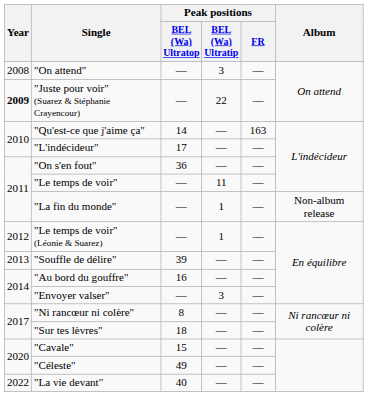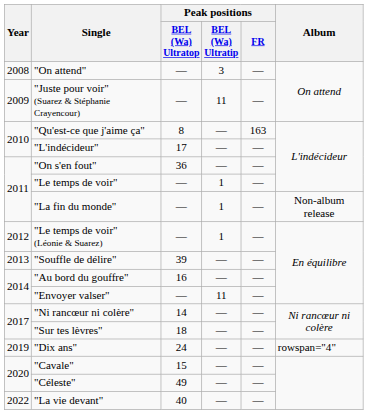 <table class="wikitable">
 <tr>
 <th align="center" rowspan="2" width="10">Year</th>
 <th align="center" rowspan="2" width="180">Single</th>
 <th align="center" colspan="3" width="20">Peak positions</th>
 <th align="center" rowspan="2" width="120">Album</th>
 </tr>
 <tr>
 <th scope="col" style="width:3em;font-size:90%;"><a href='#'>BEL<br>(Wa)<br>Ultratop</a><br></th>
 <th scope="col" style="width:3em;font-size:90%;"><a href='#'>BEL<br>(Wa)<br>Ultratip</a><br></th>
 <th scope="col" style="width:3em;font-size:90%;"><a href='#'>FR</a><br></th>
 </tr>
 <tr>
 <td style="text-align:center;">2008</td>
 <td>"On attend"</td>
 <td style="text-align:center;">—</td>
 <td style="text-align:center;">3</td>
 <td style="text-align:center;">—</td>
 <td style="text-align:center;" rowspan=2><em>On attend</em></td>
 </tr>
 <tr>
-<td style="text-align:center;"><strong>2009</strong></td>
+<td style="text-align:center;">2009</td>
 <td>"Juste pour voir" <br><small>(Suarez & Stéphanie Crayencour)</small></td>
 <td style="text-align:center;">—</td>
-<td style="text-align:center;">22</td>
+<td style="text-align:center;">11</td>
 <td style="text-align:center;">—</td>
 </tr>
 <tr>
 <td style="text-align:center;" rowspan=2>2010</td>
 <td>"Qu'est-ce que j'aime ça"</td>
-<td style="text-align:center;">14</td>
+<td style="text-align:center;">8</td>
 <td style="text-align:center;">—</td>
 <td style="text-align:center;">163</td>
 <td style="text-align:center;" rowspan=4><em>L'indécideur</em></td>
 </tr>
 <tr>
 <td>"L'indécideur"</td>
 <td style="text-align:center;">17</td>
 <td style="text-align:center;">—</td>
 <td style="text-align:center;">—</td>
 </tr>
 <tr>
 <td style="text-align:center;" rowspan=3>2011</td>
 <td>"On s'en fout"</td>
 <td style="text-align:center;">36</td>
 <td style="text-align:center;">—</td>
 <td style="text-align:center;">—</td>
 </tr>
 <tr>
 <td>"Le temps de voir"</td>
 <td style="text-align:center;">—</td>
-<td style="text-align:center;">11</td>
+<td style="text-align:center;">1</td>
 <td style="text-align:center;">—</td>
 </tr>
 <tr>
 <td>"La fin du monde"</td>
 <td style="text-align:center;">—</td>
 <td style="text-align:center;">1</td>
 <td style="text-align:center;">—</td>
 <td style="text-align:center;">Non-album release</td>
 </tr>
 <tr>
 <td style="text-align:center;">2012</td>
 <td>"Le temps de voir"<br><small>(Léonie & Suarez)</small></td>
 <td style="text-align:center;">—</td>
 <td style="text-align:center;">1</td>
 <td style="text-align:center;">—</td>
 <td style="text-align:center;" rowspan=4><em>En équilibre</em></td>
 </tr>
 <tr>
 <td style="text-align:center;">2013</td>
 <td>"Souffle de délire"</td>
 <td style="text-align:center;">39</td>
 <td style="text-align:center;">—</td>
 <td style="text-align:center;">—</td>
 </tr>
 <tr>
 <td style="text-align:center;" rowspan=2>2014</td>
 <td>"Au bord du gouffre"</td>
 <td style="text-align:center;">16</td>
 <td style="text-align:center;">—</td>
 <td style="text-align:center;">—</td>
 </tr>
 <tr>
 <td>"Envoyer valser"</td>
 <td style="text-align:center;">—</td>
-<td style="text-align:center;">3</td>
+<td style="text-align:center;">11</td>
 <td style="text-align:center;">—</td>
 </tr>
 <tr>
 <td rowspan=2>2017</td>
 <td>"Ni rancœur ni colère"</td>
-<td style="text-align:center;">8</td>
+<td style="text-align:center;">14</td>
 <td style="text-align:center;">—</td>
 <td style="text-align:center;">—</td>
 <td style="text-align:center;" rowspan="2"><em>Ni rancœur ni colère</em></td>
 </tr>
 <tr>
 <td>"Sur tes lèvres"</td>
 <td style="text-align:center;">18</td>
 <td style="text-align:center;">—</td>
 <td style="text-align:center;">—</td>
+</tr>
+<tr>
+<td>2019</td>
+<td>"Dix ans"</td>
+<td style="text-align:center;">24</td>
+<td style="text-align:center;">—</td>
+<td style="text-align:center;">—</td>
+<td>rowspan="4" </td>
 </tr>
 <tr>
 <td rowspan="2">2020</td>
 <td>"Cavale"</td>
 <td style="text-align:center;">15</td>
 <td style="text-align:center;">—</td>
 <td style="text-align:center;">—</td>
 </tr>
 <tr>
 <td>"Céleste"</td>
 <td style="text-align:center;">49</td>
 <td style="text-align:center;">—</td>
 <td style="text-align:center;">—</td>
 </tr>
 <tr>
 <td>2022</td>
 <td>"La vie devant"</td>
 <td style="text-align:center;">40</td>
 <td style="text-align:center;">—</td>
 <td style="text-align:center;">—</td>
 </tr>
 </table>
